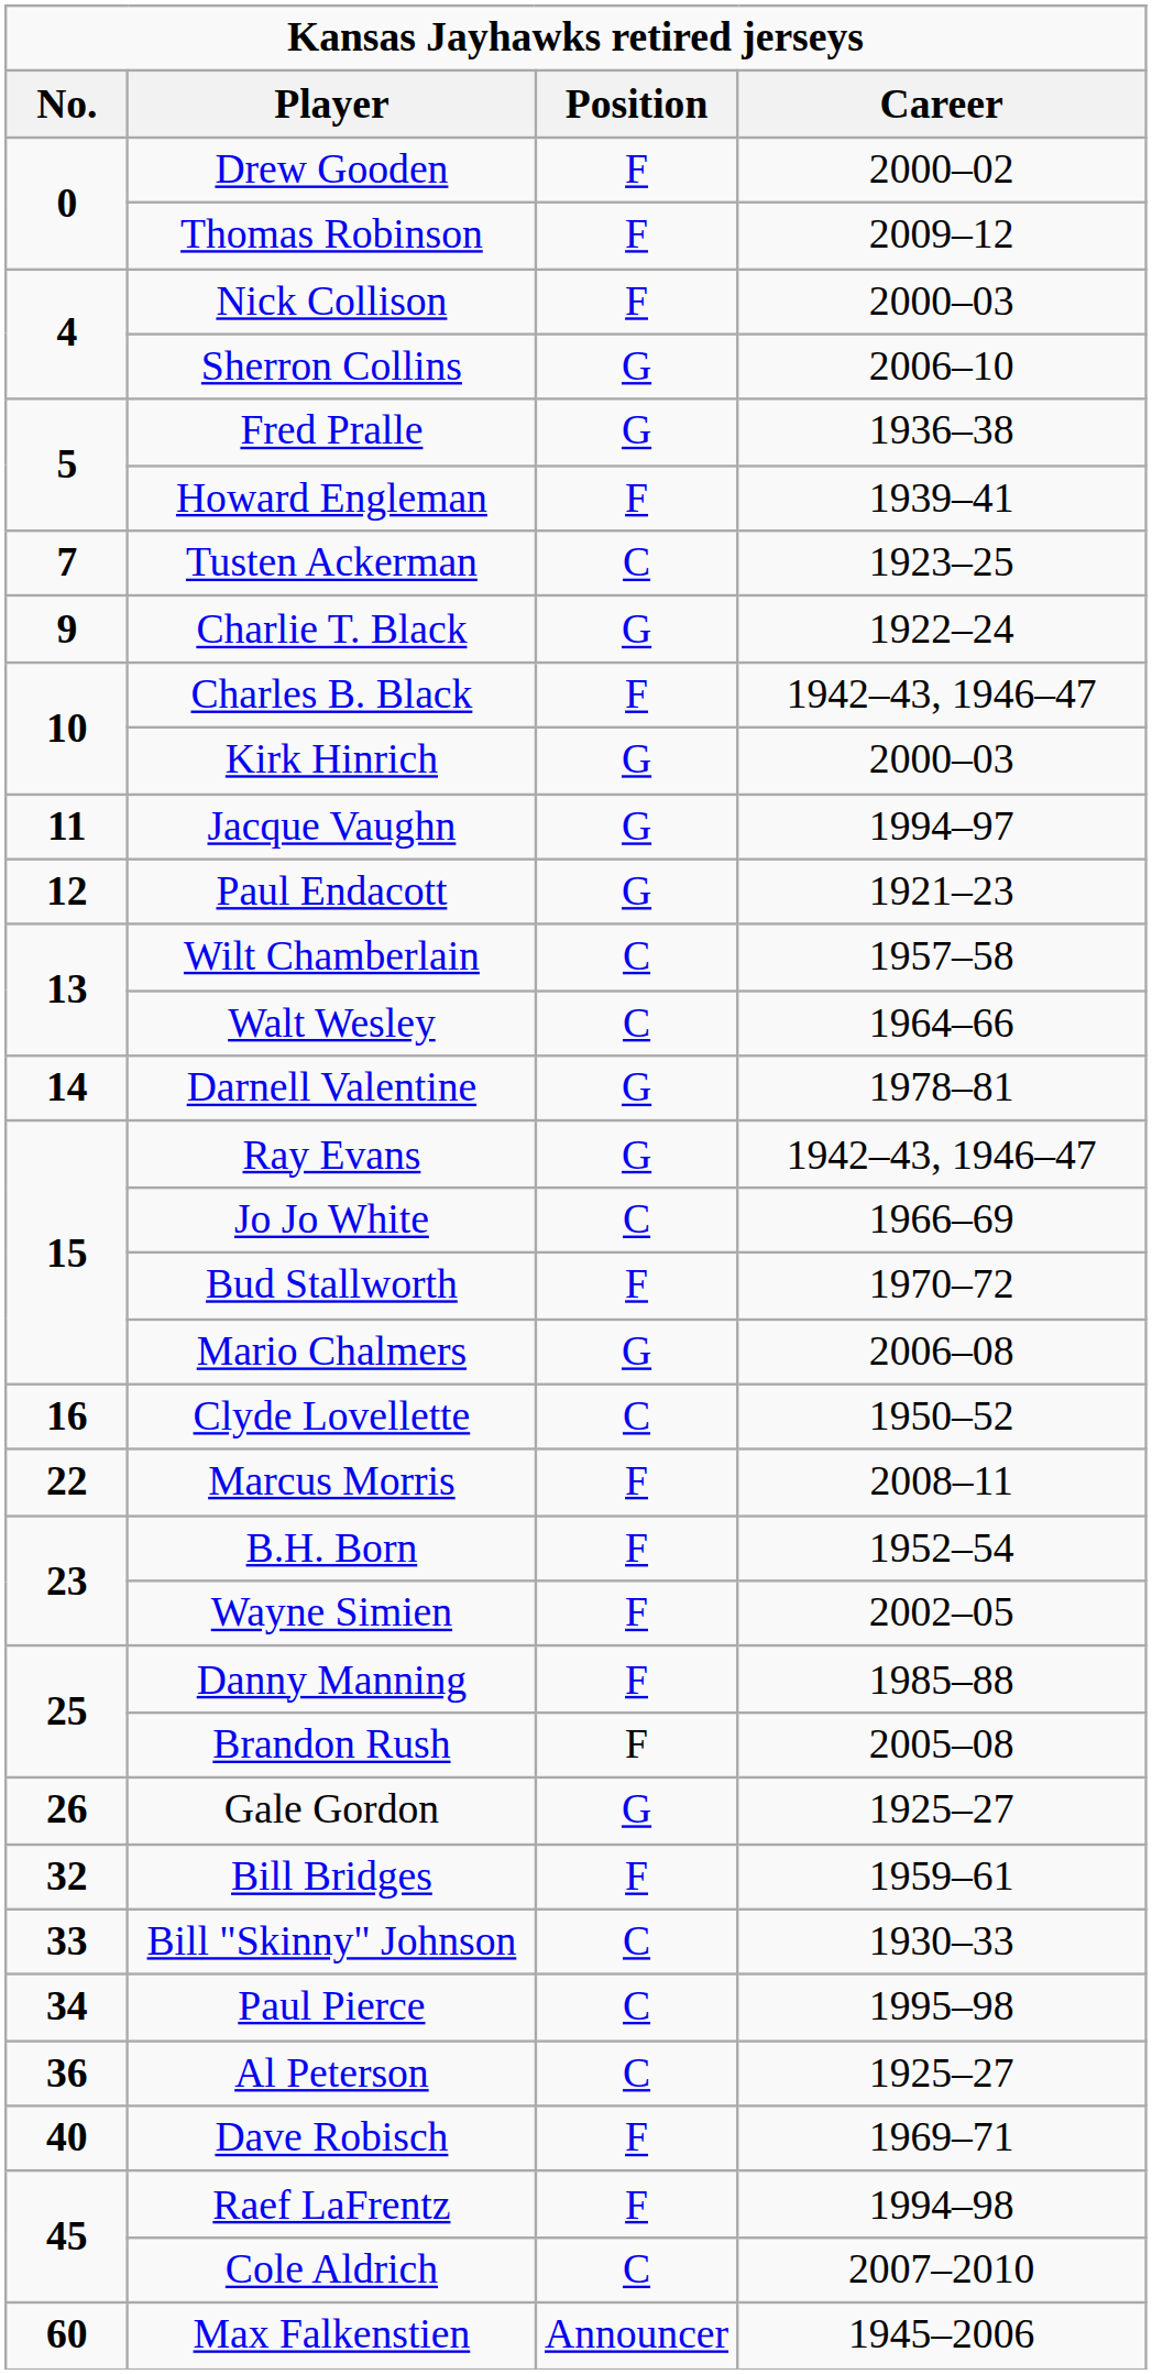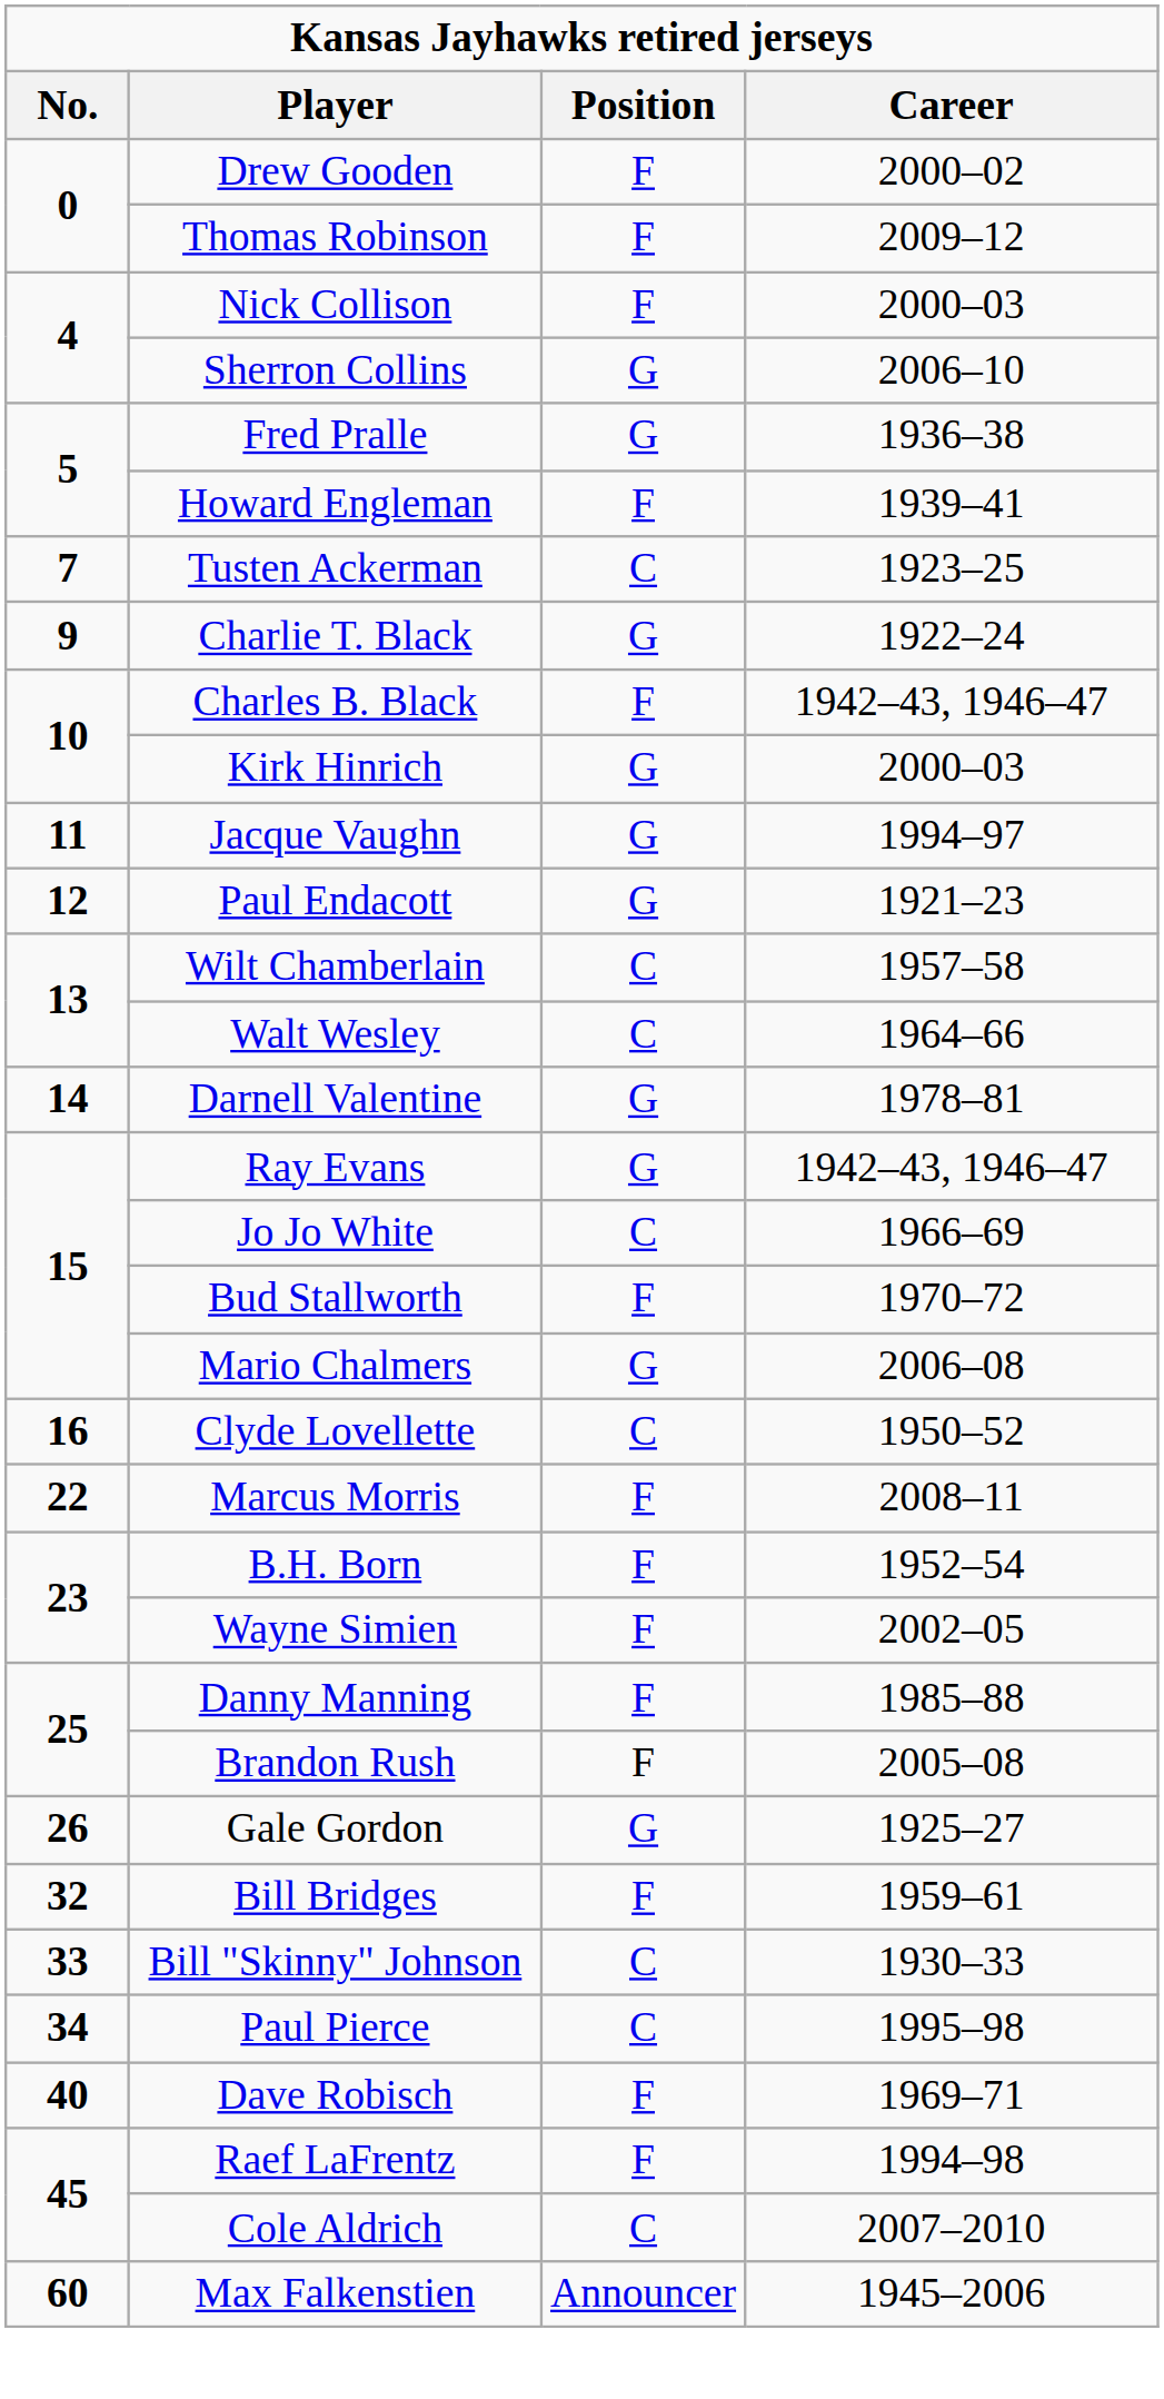 <table class="wikitable sortable" style="text-align:center">
 <tr>
 <td colspan="4"><strong>Kansas Jayhawks retired jerseys</strong></td>
 </tr>
 <tr>
 <th style="width:40px; ">No.</th>
 <th style="width:150px; ">Player</th>
 <th style="width:40px; ">Position</th>
 <th style="width:150px; ">Career</th>
 </tr>
 <tr>
 <td rowspan="2"><strong>0</strong></td>
 <td><a href='#'>Drew Gooden</a></td>
 <td><a href='#'>F</a></td>
 <td>2000–02</td>
 </tr>
 <tr>
 <td><a href='#'>Thomas Robinson</a></td>
 <td><a href='#'>F</a></td>
 <td>2009–12</td>
 </tr>
 <tr>
 <td rowspan="2"><strong>4</strong></td>
 <td><a href='#'>Nick Collison</a></td>
 <td><a href='#'>F</a></td>
 <td>2000–03</td>
 </tr>
 <tr>
 <td><a href='#'>Sherron Collins</a> </td>
 <td><a href='#'>G</a></td>
 <td>2006–10</td>
 </tr>
 <tr>
 <td rowspan="2"><strong>5</strong></td>
 <td><a href='#'>Fred Pralle</a></td>
 <td><a href='#'>G</a></td>
 <td>1936–38</td>
 </tr>
 <tr>
 <td><a href='#'>Howard Engleman</a></td>
 <td><a href='#'>F</a></td>
 <td>1939–41</td>
 </tr>
 <tr>
 <td><strong>7</strong></td>
 <td><a href='#'>Tusten Ackerman</a> </td>
 <td><a href='#'>C</a></td>
 <td>1923–25</td>
 </tr>
 <tr>
 <td><strong>9</strong></td>
 <td><a href='#'>Charlie T. Black</a>  </td>
 <td><a href='#'>G</a></td>
 <td>1922–24</td>
 </tr>
 <tr>
 <td rowspan="2"><strong>10</strong></td>
 <td><a href='#'>Charles B. Black</a></td>
 <td><a href='#'>F</a></td>
 <td>1942–43, 1946–47</td>
 </tr>
 <tr>
 <td><a href='#'>Kirk Hinrich</a></td>
 <td><a href='#'>G</a></td>
 <td>2000–03</td>
 </tr>
 <tr>
 <td><strong>11</strong></td>
 <td><a href='#'>Jacque Vaughn</a></td>
 <td><a href='#'>G</a></td>
 <td>1994–97</td>
 </tr>
 <tr>
 <td><strong>12</strong></td>
 <td><a href='#'>Paul Endacott</a>  </td>
 <td><a href='#'>G</a></td>
 <td>1921–23</td>
 </tr>
 <tr>
 <td rowspan="2"><strong>13</strong></td>
 <td><a href='#'>Wilt Chamberlain</a></td>
 <td><a href='#'>C</a></td>
 <td>1957–58</td>
 </tr>
 <tr>
 <td><a href='#'>Walt Wesley</a></td>
 <td><a href='#'>C</a></td>
 <td>1964–66</td>
 </tr>
 <tr>
 <td><strong>14</strong></td>
 <td><a href='#'>Darnell Valentine</a></td>
 <td><a href='#'>G</a></td>
 <td>1978–81</td>
 </tr>
 <tr>
 <td rowspan="4"><strong>15</strong></td>
 <td><a href='#'>Ray Evans</a></td>
 <td><a href='#'>G</a></td>
 <td>1942–43, 1946–47</td>
 </tr>
 <tr>
 <td><a href='#'>Jo Jo White</a></td>
 <td><a href='#'>C</a></td>
 <td>1966–69</td>
 </tr>
 <tr>
 <td><a href='#'>Bud Stallworth</a></td>
 <td><a href='#'>F</a></td>
 <td>1970–72</td>
 </tr>
 <tr>
 <td><a href='#'>Mario Chalmers</a> </td>
 <td><a href='#'>G</a></td>
 <td>2006–08</td>
 </tr>
 <tr>
 <td><strong>16</strong></td>
 <td><a href='#'>Clyde Lovellette</a> </td>
 <td><a href='#'>C</a></td>
 <td>1950–52</td>
 </tr>
 <tr>
 <td><strong>22</strong></td>
 <td><a href='#'>Marcus Morris</a></td>
 <td><a href='#'>F</a></td>
 <td>2008–11</td>
 </tr>
 <tr>
 <td rowspan="2"><strong>23</strong></td>
 <td><a href='#'>B.H. Born</a> </td>
 <td><a href='#'>F</a></td>
 <td>1952–54</td>
 </tr>
 <tr>
 <td><a href='#'>Wayne Simien</a></td>
 <td><a href='#'>F</a></td>
 <td>2002–05</td>
 </tr>
 <tr>
 <td rowspan="2"><strong>25</strong></td>
 <td><a href='#'>Danny Manning</a> </td>
 <td><a href='#'>F</a></td>
 <td>1985–88</td>
 </tr>
 <tr>
 <td><a href='#'>Brandon Rush</a> </td>
 <td>F</td>
 <td>2005–08</td>
 </tr>
 <tr>
 <td><strong>26</strong></td>
 <td>Gale Gordon</td>
 <td><a href='#'>G</a></td>
 <td>1925–27</td>
 </tr>
 <tr>
 <td><strong>32</strong></td>
 <td><a href='#'>Bill Bridges</a></td>
 <td><a href='#'>F</a></td>
 <td>1959–61</td>
 </tr>
 <tr>
 <td><strong>33</strong></td>
 <td><a href='#'>Bill "Skinny" Johnson</a></td>
 <td><a href='#'>C</a></td>
 <td>1930–33</td>
 </tr>
 <tr>
 <td><strong>34</strong></td>
 <td><a href='#'>Paul Pierce</a></td>
 <td><a href='#'>C</a></td>
 <td>1995–98</td>
 </tr>
 <tr>
-<td><strong>36</strong></td>
-<td><a href='#'>Al Peterson</a></td>
-<td><a href='#'>C</a></td>
-<td>1925–27</td>
-</tr>
-<tr>
 <td><strong>40</strong></td>
 <td><a href='#'>Dave Robisch</a></td>
 <td><a href='#'>F</a></td>
 <td>1969–71</td>
 </tr>
 <tr>
 <td rowspan="2"><strong>45</strong></td>
 <td><a href='#'>Raef LaFrentz</a></td>
 <td><a href='#'>F</a></td>
 <td>1994–98</td>
 </tr>
 <tr>
 <td><a href='#'>Cole Aldrich</a> </td>
 <td><a href='#'>C</a></td>
 <td>2007–2010</td>
 </tr>
 <tr>
 <td><strong>60</strong></td>
 <td><a href='#'>Max Falkenstien</a></td>
 <td><a href='#'>Announcer</a></td>
 <td>1945–2006</td>
 </tr>
 </table>
